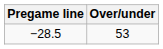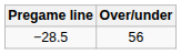 <table class="wikitable" style="margin-left: auto; margin-right: auto; border: none; display: inline-table;">
 <tr align="center">
 <th style=>Pregame line</th>
 <th style=>Over/under</th>
 </tr>
 <tr align="center">
 <td>−28.5</td>
-<td>53</td>
+<td>56</td>
 </tr>
 </table>
